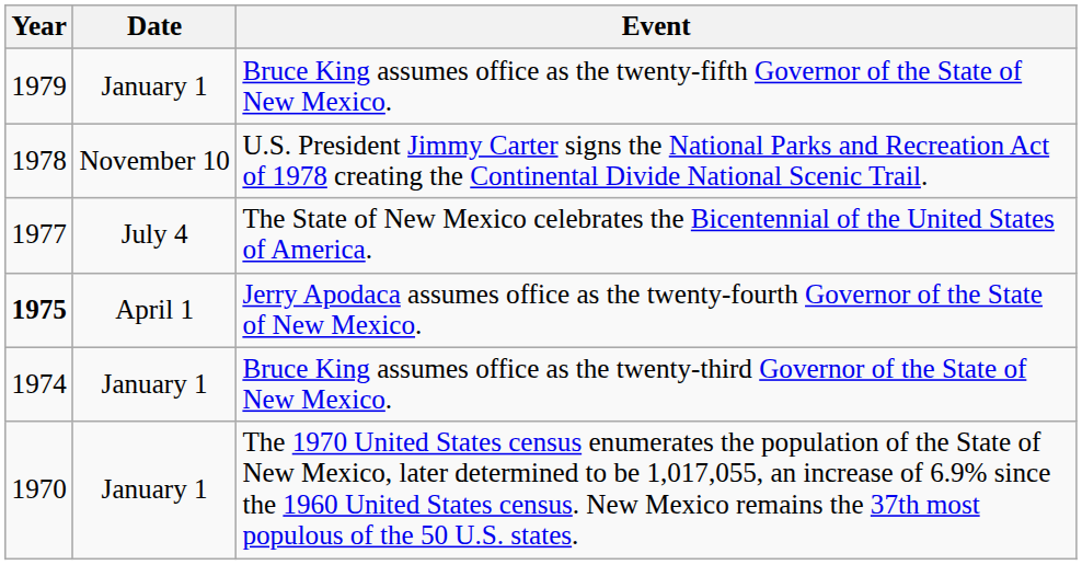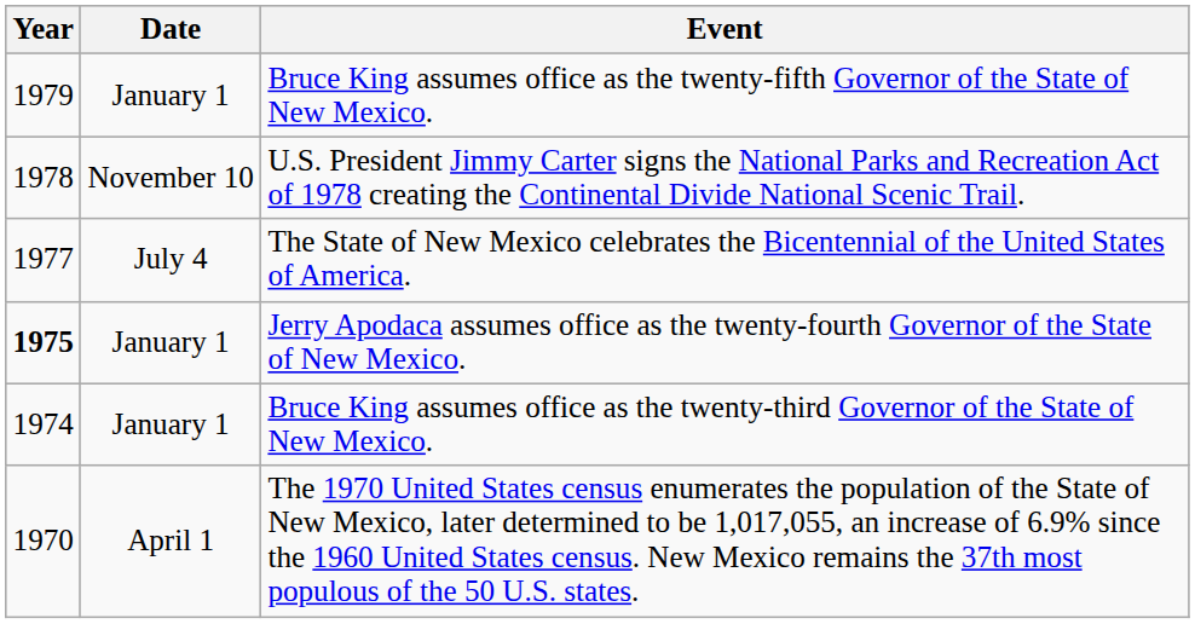 <table class="wikitable" style="width:100%;">
 <tr>
 <th style="width:6%">Year</th>
 <th style="width:8%">Date</th>
 <th style="width:86%">Event</th>
 </tr>
 <tr>
 <td align=center rowspan=1>1979</td>
 <td align=center>January 1</td>
 <td><a href='#'>Bruce King</a> assumes office as the twenty-fifth <a href='#'>Governor of the State of New Mexico</a>.</td>
 </tr>
 <tr>
 <td align=center rowspan=1>1978</td>
 <td align=center>November 10</td>
 <td>U.S. President <a href='#'>Jimmy Carter</a> signs the <a href='#'>National Parks and Recreation Act of 1978</a> creating the <a href='#'>Continental Divide National Scenic Trail</a>.</td>
 </tr>
 <tr>
 <td align=center rowspan=1>1977</td>
 <td align=center>July 4</td>
 <td>The State of New Mexico celebrates the <a href='#'>Bicentennial of the United States of America</a>.</td>
 </tr>
 <tr>
 <td align=center rowspan=1><strong>1975</strong></td>
-<td align=center>April 1</td>
+<td align=center>January 1</td>
 <td><a href='#'>Jerry Apodaca</a> assumes office as the twenty-fourth <a href='#'>Governor of the State of New Mexico</a>.</td>
 </tr>
 <tr>
 <td align=center rowspan=1>1974</td>
 <td align=center>January 1</td>
 <td><a href='#'>Bruce King</a> assumes office as the twenty-third <a href='#'>Governor of the State of New Mexico</a>.</td>
 </tr>
 <tr>
 <td align=center rowspan=1>1970</td>
-<td align=center>January 1</td>
+<td align=center>April 1</td>
 <td>The <a href='#'>1970 United States census</a> enumerates the population of the State of New Mexico, later determined to be 1,017,055, an increase of 6.9% since the <a href='#'>1960 United States census</a>. New Mexico remains the <a href='#'>37th most populous of the 50 U.S. states</a>.</td>
 </tr>
 </table>
